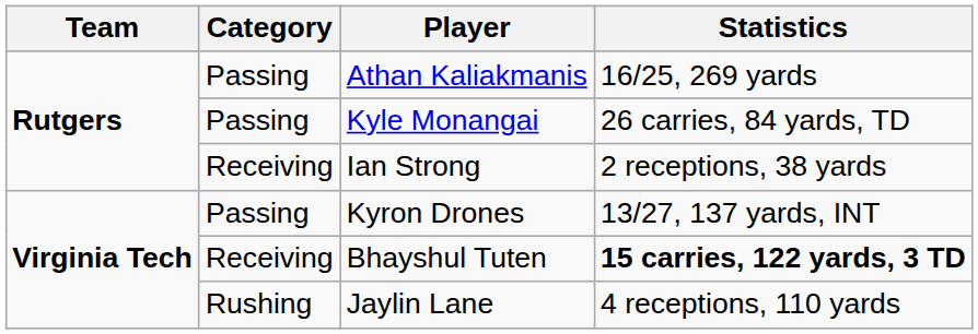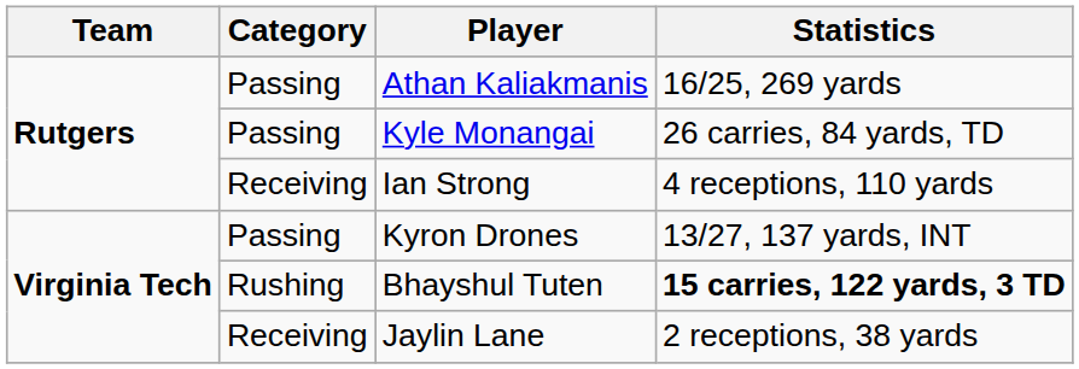 <table class="wikitable" style="float: right;">
 <tr>
 <th>Team</th>
 <th>Category</th>
 <th>Player</th>
 <th>Statistics</th>
 </tr>
 <tr>
 <td rowspan=3><strong>Rutgers</strong></td>
 <td>Passing</td>
 <td><a href='#'>Athan Kaliakmanis</a></td>
 <td>16/25, 269 yards</td>
 </tr>
 <tr>
 <td>Passing</td>
 <td><a href='#'>Kyle Monangai</a></td>
 <td>26 carries, 84 yards, TD</td>
 </tr>
 <tr>
 <td>Receiving</td>
 <td>Ian Strong</td>
-<td>2 receptions, 38 yards</td>
+<td>4 receptions, 110 yards</td>
 </tr>
 <tr>
 <td rowspan=3><strong>Virginia Tech</strong></td>
 <td>Passing</td>
 <td>Kyron Drones</td>
 <td>13/27, 137 yards, INT</td>
 </tr>
 <tr>
-<td>Receiving</td>
+<td>Rushing</td>
 <td>Bhayshul Tuten</td>
 <td><strong>15 carries, 122 yards, 3 TD</strong></td>
 </tr>
 <tr>
-<td>Rushing</td>
+<td>Receiving</td>
 <td>Jaylin Lane</td>
-<td>4 receptions, 110 yards</td>
+<td>2 receptions, 38 yards</td>
 </tr>
 </table>
